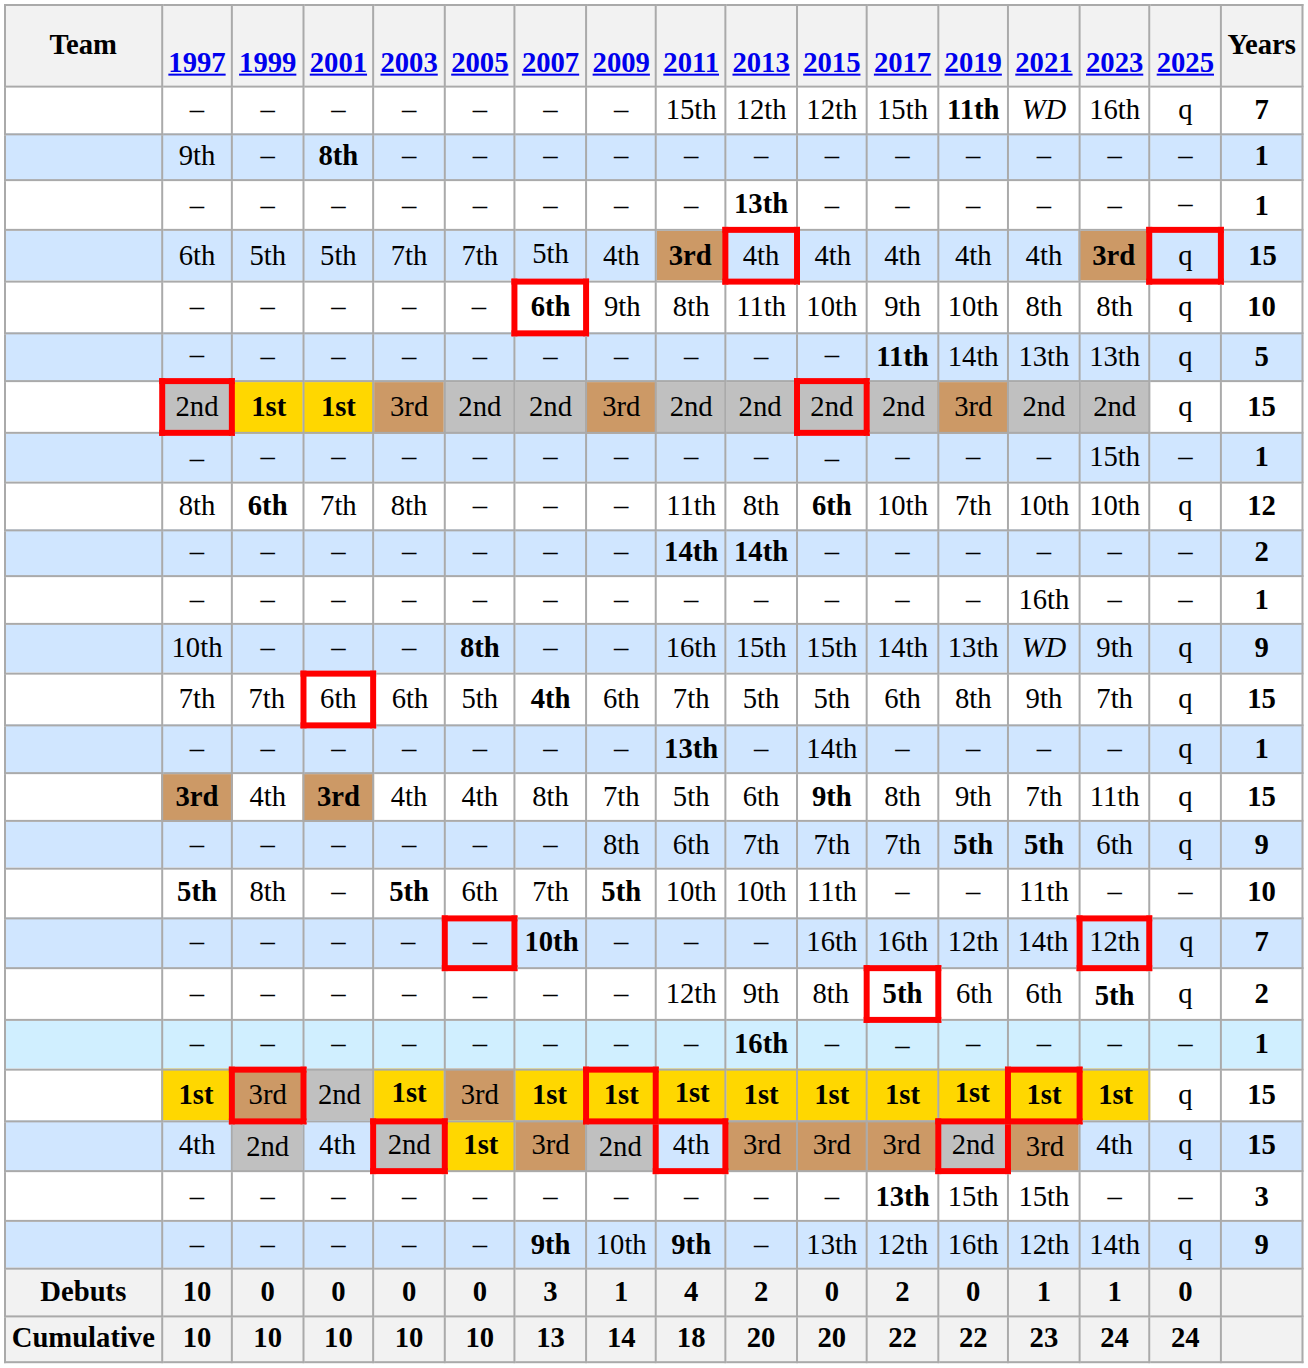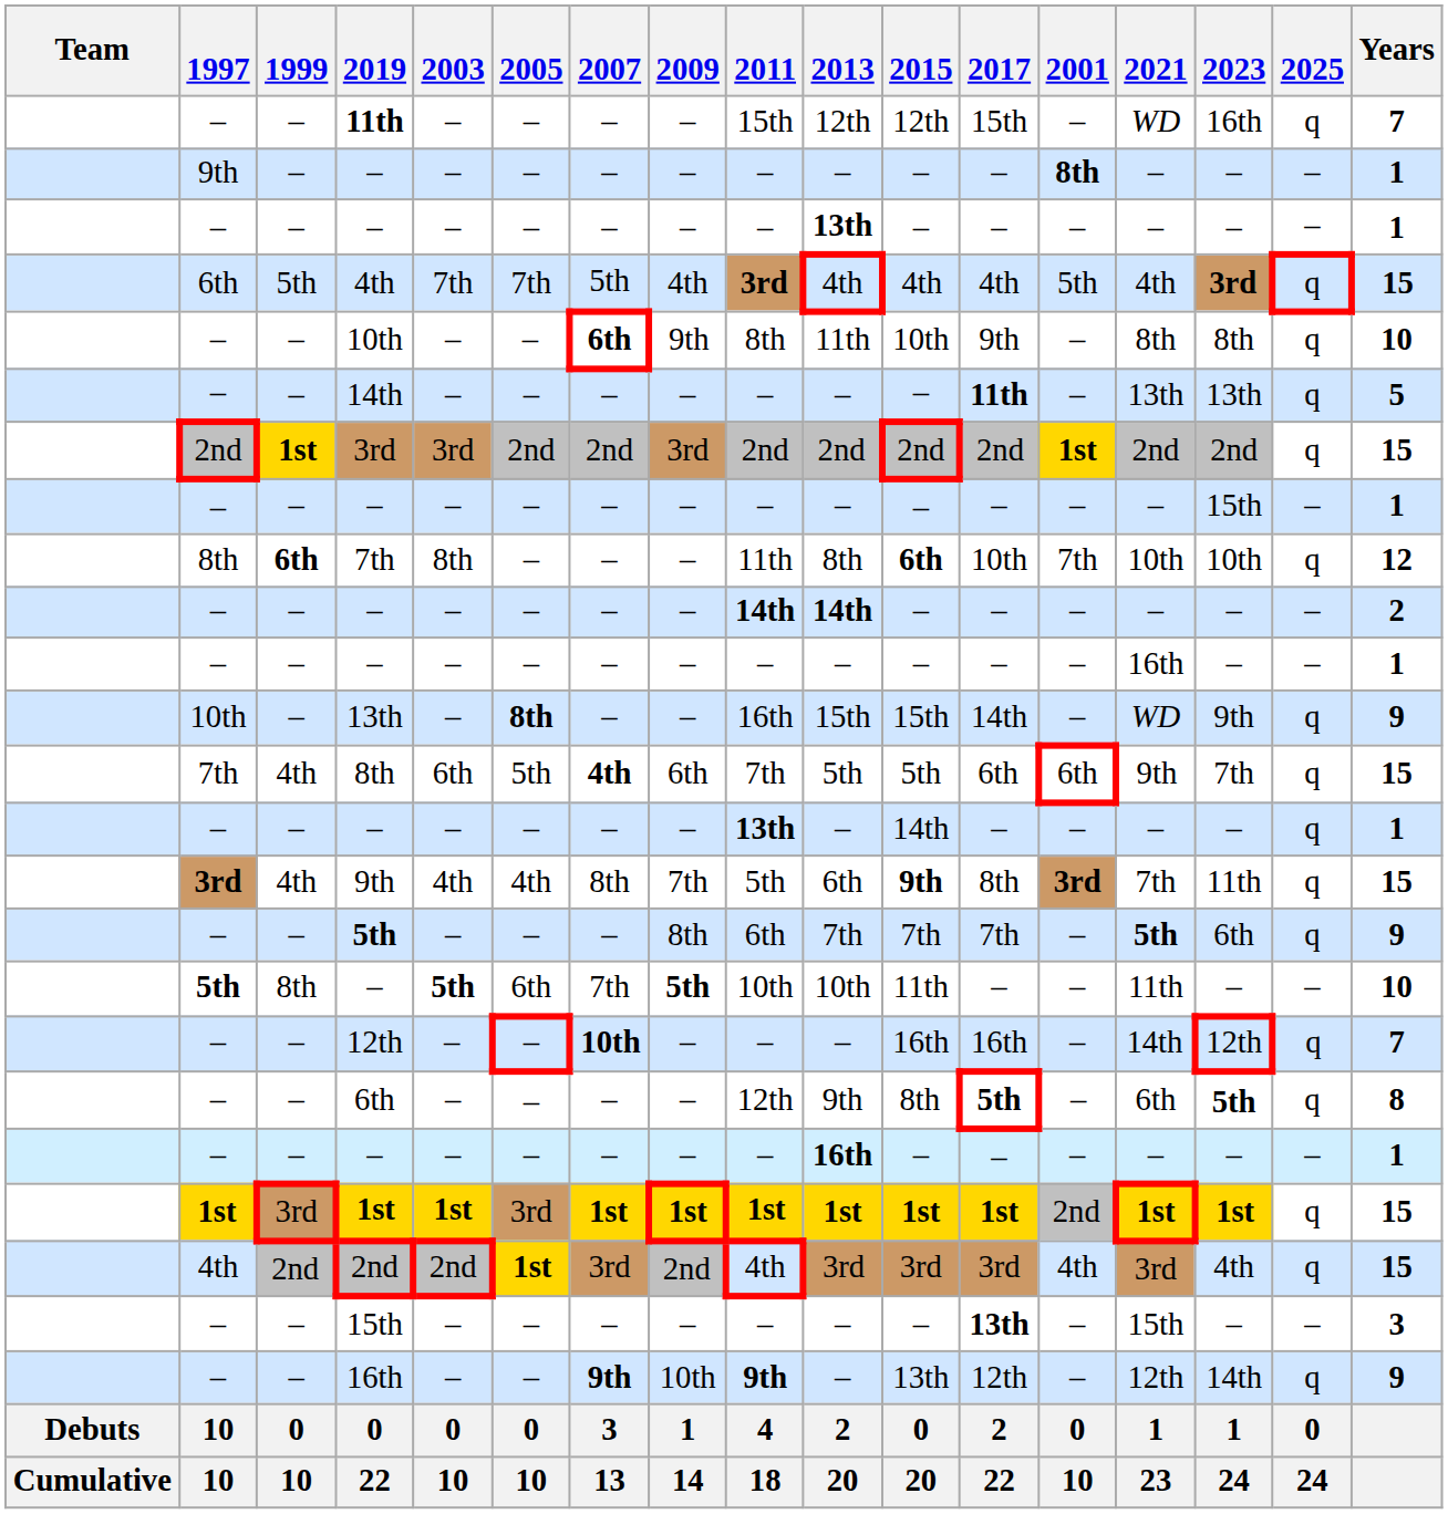 <table class="wikitable sortable" style="text-align:center; font-size:90%">
 <tr>
 <th><strong>Team</strong></th>
 <th><br><a href='#'>1997</a></th>
 <th><br><a href='#'>1999</a></th>
-<th><br><a href='#'>2001</a></th>
+<th><br><a href='#'>2019</a></th>
 <th><br><a href='#'>2003</a></th>
 <th><br><a href='#'>2005</a></th>
 <th><br><a href='#'>2007</a></th>
 <th><br><a href='#'>2009</a></th>
 <th><br><a href='#'>2011</a></th>
 <th><br><a href='#'>2013</a></th>
 <th><br><a href='#'>2015</a></th>
 <th><br><a href='#'>2017</a></th>
-<th><br><a href='#'>2019</a></th>
+<th><br><a href='#'>2001</a></th>
 <th><br><a href='#'>2021</a></th>
 <th><br><a href='#'>2023</a></th>
 <th><br><a href='#'>2025</a></th>
 <th>Years</th>
 </tr>
 <tr style="background:#fff;">
 <td align=left></td>
 <td>–</td>
 <td>–</td>
-<td>–</td>
+<td><strong>11th</strong></td>
 <td>–</td>
 <td>–</td>
 <td>–</td>
 <td>–</td>
 <td>15th</td>
 <td>12th</td>
 <td>12th</td>
 <td>15th</td>
-<td><strong>11th</strong></td>
+<td>–</td>
 <td><em>WD</em></td>
 <td>16th</td>
 <td>q</td>
 <td><strong>7</strong></td>
 </tr>
 <tr style="background:#d0e6ff;">
 <td align=left></td>
 <td>9th</td>
 <td>–</td>
-<td><strong>8th</strong></td>
 <td>–</td>
 <td>–</td>
 <td>–</td>
 <td>–</td>
 <td>–</td>
 <td>–</td>
 <td>–</td>
 <td>–</td>
 <td>–</td>
+<td><strong>8th</strong></td>
 <td>–</td>
 <td>–</td>
 <td>–</td>
 <td><strong>1</strong></td>
 </tr>
 <tr style="background:#fff;">
 <td align=left></td>
 <td>–</td>
 <td>–</td>
 <td>–</td>
 <td>–</td>
 <td>–</td>
 <td>–</td>
 <td>–</td>
 <td>–</td>
 <td><strong>13th</strong></td>
 <td>–</td>
 <td>–</td>
 <td>–</td>
 <td>–</td>
 <td>–</td>
 <td>–</td>
 <td><strong>1</strong></td>
 </tr>
 <tr style="background:#d0e6ff;">
 <td align=left></td>
 <td>6th</td>
 <td>5th</td>
-<td>5th</td>
+<td>4th</td>
 <td>7th</td>
 <td>7th</td>
 <td>5th</td>
 <td>4th</td>
 <td style="background:#c96;"><strong>3rd</strong></td>
 <td style="border:3px solid red;">4th</td>
 <td>4th</td>
 <td>4th</td>
-<td>4th</td>
+<td>5th</td>
 <td>4th</td>
 <td style="background:#c96;"><strong>3rd</strong></td>
 <td style="border:3px solid red;">q</td>
 <td><strong>15</strong></td>
 </tr>
 <tr style="background:#fff;">
 <td align=left></td>
 <td>–</td>
 <td>–</td>
-<td>–</td>
+<td>10th</td>
 <td>–</td>
 <td>–</td>
 <td style="border:3px solid red;"><strong>6th</strong></td>
 <td>9th</td>
 <td>8th</td>
 <td>11th</td>
 <td>10th</td>
 <td>9th</td>
-<td>10th</td>
+<td>–</td>
 <td>8th</td>
 <td>8th</td>
 <td>q</td>
 <td><strong>10</strong></td>
 </tr>
 <tr style="background:#d0e6ff;">
 <td align=left></td>
 <td>–</td>
 <td>–</td>
-<td>–</td>
+<td>14th</td>
 <td>–</td>
 <td>–</td>
 <td>–</td>
 <td>–</td>
 <td>–</td>
 <td>–</td>
 <td>–</td>
 <td><strong>11th</strong></td>
-<td>14th</td>
+<td>–</td>
 <td>13th</td>
 <td>13th</td>
 <td>q</td>
 <td><strong>5</strong></td>
 </tr>
 <tr style="background:#fff;">
 <td align=left></td>
 <td style="border:3px solid red;background:silver;">2nd</td>
 <td bgcolor=gold><strong>1st</strong></td>
-<td bgcolor=gold><strong>1st</strong></td>
+<td style="background:#c96;">3rd</td>
 <td style="background:#c96;">3rd</td>
 <td style="background:silver;">2nd</td>
 <td style="background:silver;">2nd</td>
 <td style="background:#c96;">3rd</td>
 <td style="background:silver;">2nd</td>
 <td style="background:silver;">2nd</td>
 <td style="border:3px solid red;background:silver;">2nd</td>
 <td style="background:silver;">2nd</td>
-<td style="background:#c96;">3rd</td>
+<td bgcolor=gold><strong>1st</strong></td>
 <td style="background:silver;">2nd</td>
 <td style="background:silver;">2nd</td>
 <td>q</td>
 <td><strong>15</strong></td>
 </tr>
 <tr style="background:#d0e6ff;">
 <td align=left></td>
 <td>–</td>
 <td>–</td>
 <td>–</td>
 <td>–</td>
 <td>–</td>
 <td>–</td>
 <td>–</td>
 <td>–</td>
 <td>–</td>
 <td>–</td>
 <td>–</td>
 <td>–</td>
 <td>–</td>
 <td>15th</td>
 <td>–</td>
 <td><strong>1</strong></td>
 </tr>
 <tr style="background:#fff">
 <td align=left></td>
 <td>8th</td>
 <td><strong>6th</strong></td>
 <td>7th</td>
 <td>8th</td>
 <td>–</td>
 <td>–</td>
 <td>–</td>
 <td>11th</td>
 <td>8th</td>
 <td><strong>6th</strong></td>
 <td>10th</td>
 <td>7th</td>
 <td>10th</td>
 <td>10th</td>
 <td>q</td>
 <td><strong>12</strong></td>
 </tr>
 <tr style="background:#d0e6ff;">
 <td align=left></td>
 <td>–</td>
 <td>–</td>
 <td>–</td>
 <td>–</td>
 <td>–</td>
 <td>–</td>
 <td>–</td>
 <td><strong>14th</strong></td>
 <td><strong>14th</strong></td>
 <td>–</td>
 <td>–</td>
 <td>–</td>
 <td>–</td>
 <td>–</td>
 <td>–</td>
 <td><strong>2</strong></td>
 </tr>
 <tr style="background:#fff;">
 <td align=left></td>
 <td>–</td>
 <td>–</td>
 <td>–</td>
 <td>–</td>
 <td>–</td>
 <td>–</td>
 <td>–</td>
 <td>–</td>
 <td>–</td>
 <td>–</td>
 <td>–</td>
 <td>–</td>
 <td>16th</td>
 <td>–</td>
 <td>–</td>
 <td><strong>1</strong></td>
 </tr>
 <tr style="background:#d0e6ff;">
 <td align=left></td>
 <td>10th</td>
 <td>–</td>
-<td>–</td>
+<td>13th</td>
 <td>–</td>
 <td><strong>8th</strong></td>
 <td>–</td>
 <td>–</td>
 <td>16th</td>
 <td>15th</td>
 <td>15th</td>
 <td>14th</td>
-<td>13th</td>
+<td>–</td>
 <td><em>WD</em></td>
 <td>9th</td>
 <td>q</td>
 <td><strong>9</strong></td>
 </tr>
 <tr style="background:#fff;">
 <td align=left></td>
 <td>7th</td>
-<td>7th</td>
-<td style="border:3px solid red;">6th</td>
+<td>4th</td>
+<td>8th</td>
 <td>6th</td>
 <td>5th</td>
 <td><strong>4th</strong></td>
 <td>6th</td>
 <td>7th</td>
 <td>5th</td>
 <td>5th</td>
 <td>6th</td>
-<td>8th</td>
+<td style="border:3px solid red;">6th</td>
 <td>9th</td>
 <td>7th</td>
 <td>q</td>
 <td><strong>15</strong></td>
 </tr>
 <tr style="background:#d0e6ff;">
 <td align=left></td>
 <td>–</td>
 <td>–</td>
 <td>–</td>
 <td>–</td>
 <td>–</td>
 <td>–</td>
 <td>–</td>
 <td><strong>13th</strong></td>
 <td>–</td>
 <td>14th</td>
 <td>–</td>
 <td>–</td>
 <td>–</td>
 <td>–</td>
 <td>q</td>
 <td><strong>1</strong></td>
 </tr>
 <tr style="background:#fff;">
 <td align=left></td>
 <td style="background:#c96;"><strong>3rd</strong></td>
 <td>4th</td>
-<td style="background:#c96;"><strong>3rd</strong></td>
+<td>9th</td>
 <td>4th</td>
 <td>4th</td>
 <td>8th</td>
 <td>7th</td>
 <td>5th</td>
 <td>6th</td>
 <td><strong>9th</strong></td>
 <td>8th</td>
-<td>9th</td>
+<td style="background:#c96;"><strong>3rd</strong></td>
 <td>7th</td>
 <td>11th</td>
 <td>q</td>
 <td><strong>15</strong></td>
 </tr>
 <tr style="background:#d0e6ff;">
 <td align=left></td>
 <td>–</td>
 <td>–</td>
-<td>–</td>
+<td><strong>5th</strong></td>
 <td>–</td>
 <td>–</td>
 <td>–</td>
 <td>8th</td>
 <td>6th</td>
 <td>7th</td>
 <td>7th</td>
 <td>7th</td>
-<td><strong>5th</strong></td>
+<td>–</td>
 <td><strong>5th</strong></td>
 <td>6th</td>
 <td>q</td>
 <td><strong>9</strong></td>
 </tr>
 <tr style="background:#fff;">
 <td align=left></td>
 <td><strong>5th</strong></td>
 <td>8th</td>
 <td>–</td>
 <td><strong>5th</strong></td>
 <td>6th</td>
 <td>7th</td>
 <td><strong>5th</strong></td>
 <td>10th</td>
 <td>10th</td>
 <td>11th</td>
 <td>–</td>
 <td>–</td>
 <td>11th</td>
 <td>–</td>
 <td>–</td>
 <td><strong>10</strong></td>
 </tr>
 <tr style="background:#d0e6ff;">
 <td align=left></td>
 <td>–</td>
 <td>–</td>
-<td>–</td>
+<td>12th</td>
 <td>–</td>
 <td style="border:3px solid red;">–</td>
 <td><strong>10th</strong></td>
 <td>–</td>
 <td>–</td>
 <td>–</td>
 <td>16th</td>
 <td>16th</td>
-<td>12th</td>
+<td>–</td>
 <td>14th</td>
 <td style="border:3px solid red;">12th</td>
 <td>q</td>
 <td><strong>7</strong></td>
 </tr>
 <tr style="background:#fff;">
 <td align=left></td>
 <td>–</td>
 <td>–</td>
-<td>–</td>
+<td>6th</td>
 <td>–</td>
 <td>–</td>
 <td>–</td>
 <td>–</td>
 <td>12th</td>
 <td>9th</td>
 <td>8th</td>
 <td style="border:3px solid red;"><strong>5th</strong></td>
-<td>6th</td>
+<td>–</td>
 <td>6th</td>
 <td><strong>5th</strong></td>
 <td>q</td>
-<td><strong>2</strong></td>
+<td><strong>8</strong></td>
 </tr>
 <tr style="background:#d0efff;">
 <td align=left></td>
 <td>–</td>
 <td>–</td>
 <td>–</td>
 <td>–</td>
 <td>–</td>
 <td>–</td>
 <td>–</td>
 <td>–</td>
 <td><strong>16th</strong></td>
 <td>–</td>
 <td>–</td>
 <td>–</td>
 <td>–</td>
 <td>–</td>
 <td>–</td>
 <td><strong>1</strong></td>
 </tr>
 <tr style="background:#fff;">
 <td align=left></td>
 <td bgcolor=gold><strong>1st</strong></td>
 <td style="border:3px solid red;background:#c96;">3rd</td>
-<td style="background:silver;">2nd</td>
+<td bgcolor=gold><strong>1st</strong></td>
 <td bgcolor=gold><strong>1st</strong></td>
 <td style="background:#c96;">3rd</td>
 <td bgcolor=gold><strong>1st</strong></td>
 <td style="border:3px solid red;background:gold;"><strong>1st</strong></td>
 <td bgcolor=gold><strong>1st</strong></td>
 <td bgcolor=gold><strong>1st</strong></td>
 <td bgcolor=gold><strong>1st</strong></td>
 <td bgcolor=gold><strong>1st</strong></td>
-<td bgcolor=gold><strong>1st</strong></td>
+<td style="background:silver;">2nd</td>
 <td bgcolor=gold style="border:3px solid red;"><strong>1st</strong></td>
 <td bgcolor=gold><strong>1st</strong></td>
 <td>q</td>
 <td><strong>15</strong></td>
 </tr>
 <tr style="background:#d0e6ff;">
 <td align=left></td>
 <td>4th</td>
 <td style="background:silver;">2nd</td>
-<td>4th</td>
+<td style="border:3px solid red;background:silver;">2nd</td>
 <td style="border:3px solid red;background:silver;">2nd</td>
 <td bgcolor=gold><strong>1st</strong></td>
 <td style="background:#c96;">3rd</td>
 <td style="background:silver;">2nd</td>
 <td style="border:3px solid red;">4th</td>
 <td style="background:#c96;">3rd</td>
 <td style="background:#c96;">3rd</td>
 <td style="background:#c96;">3rd</td>
-<td style="border:3px solid red;background:silver;">2nd</td>
+<td>4th</td>
 <td style="background:#c96;">3rd</td>
 <td>4th</td>
 <td>q</td>
 <td><strong>15</strong></td>
 </tr>
 <tr style="background:#fff;">
 <td align=left></td>
 <td>–</td>
 <td>–</td>
-<td>–</td>
+<td>15th</td>
 <td>–</td>
 <td>–</td>
 <td>–</td>
 <td>–</td>
 <td>–</td>
 <td>–</td>
 <td>–</td>
 <td><strong>13th</strong></td>
-<td>15th</td>
+<td>–</td>
 <td>15th</td>
 <td>–</td>
 <td>–</td>
 <td><strong>3</strong></td>
 </tr>
 <tr style="background:#d0e6ff;">
 <td align=left></td>
 <td>–</td>
 <td>–</td>
-<td>–</td>
+<td>16th</td>
 <td>–</td>
 <td>–</td>
 <td><strong>9th</strong></td>
 <td>10th</td>
 <td><strong>9th</strong></td>
 <td>–</td>
 <td>13th</td>
 <td>12th</td>
-<td>16th</td>
+<td>–</td>
 <td>12th</td>
 <td>14th</td>
 <td>q</td>
 <td><strong>9</strong></td>
 </tr>
 <tr>
 <th>Debuts</th>
 <th>10</th>
 <th>0</th>
 <th>0</th>
 <th>0</th>
 <th>0</th>
 <th>3</th>
 <th>1</th>
 <th>4</th>
 <th>2</th>
 <th>0</th>
 <th>2</th>
 <th>0</th>
 <th>1</th>
 <th>1</th>
 <th>0</th>
 <th></th>
 </tr>
 <tr>
 <th>Cumulative</th>
 <th>10</th>
 <th>10</th>
-<th>10</th>
+<th>22</th>
 <th>10</th>
 <th>10</th>
 <th>13</th>
 <th>14</th>
 <th>18</th>
 <th>20</th>
 <th>20</th>
 <th>22</th>
-<th>22</th>
+<th>10</th>
 <th>23</th>
 <th>24</th>
 <th>24</th>
 <th></th>
 </tr>
 </table>
